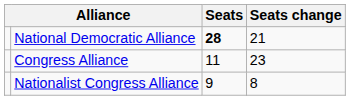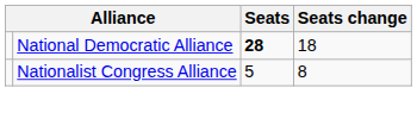 <table class="wikitable sortable">
 <tr>
 <th colspan="2">Alliance</th>
 <th>Seats</th>
 <th>Seats change</th>
 </tr>
 <tr>
 <td style="background-color: "></td>
 <td><a href='#'>National Democratic Alliance</a></td>
 <td><strong>28</strong></td>
-<td> 21</td>
-</tr>
-<tr>
-<td style="background-color: "></td>
-<td><a href='#'>Congress Alliance</a></td>
-<td>11</td>
-<td> 23</td>
+<td> 18</td>
 </tr>
 <tr>
 <td style="background-color: "></td>
 <td><a href='#'> Nationalist Congress Alliance</a></td>
-<td>9</td>
+<td>5</td>
 <td> 8</td>
 </tr>
 </table>
